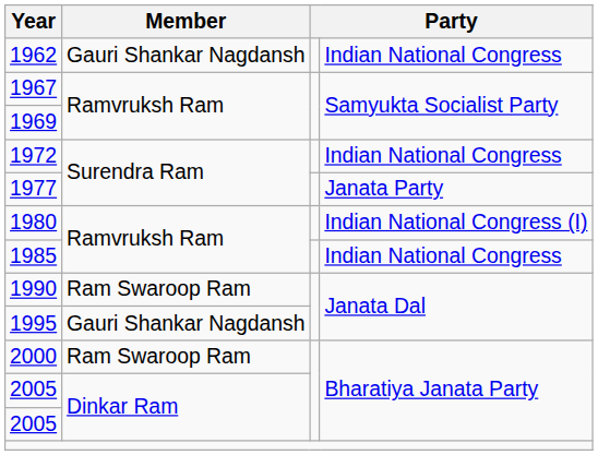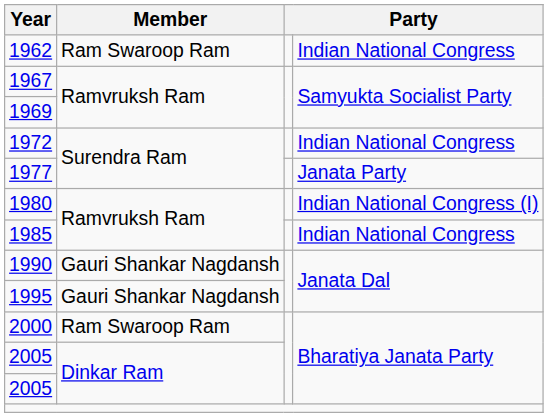 <table class="wikitable">
 <tr>
 <th>Year</th>
 <th>Member</th>
 <th colspan="2">Party</th>
 </tr>
 <tr>
 <td><a href='#'>1962</a></td>
-<td>Gauri Shankar Nagdansh</td>
+<td>Ram Swaroop Ram</td>
 <td style="background-color: "></td>
 <td><a href='#'>Indian National Congress</a></td>
 </tr>
 <tr>
 <td><a href='#'>1967</a></td>
 <td rowspan="2">Ramvruksh Ram</td>
 <td rowspan="2" style="background-color: "></td>
 <td rowspan="2"><a href='#'>Samyukta Socialist Party</a></td>
 </tr>
 <tr>
 <td><a href='#'>1969</a></td>
 </tr>
 <tr>
 <td><a href='#'>1972</a></td>
 <td rowspan="2">Surendra Ram</td>
 <td style="background-color: "></td>
 <td><a href='#'>Indian National Congress</a></td>
 </tr>
 <tr>
 <td><a href='#'>1977</a></td>
 <td style="background-color: "></td>
 <td><a href='#'>Janata Party</a></td>
 </tr>
 <tr>
 <td><a href='#'>1980</a></td>
 <td rowspan="2">Ramvruksh Ram</td>
 <td style="background-color: "></td>
 <td><a href='#'>Indian National Congress (I)</a></td>
 </tr>
 <tr>
 <td><a href='#'>1985</a></td>
 <td style="background-color: "></td>
 <td><a href='#'>Indian National Congress</a></td>
 </tr>
 <tr>
 <td><a href='#'>1990</a></td>
-<td>Ram Swaroop Ram</td>
+<td>Gauri Shankar Nagdansh</td>
 <td rowspan="2" style="background-color: "></td>
 <td rowspan="2"><a href='#'>Janata Dal</a></td>
 </tr>
 <tr>
 <td><a href='#'>1995</a></td>
 <td>Gauri Shankar Nagdansh</td>
 </tr>
 <tr>
 <td><a href='#'>2000</a></td>
 <td>Ram Swaroop Ram</td>
 <td rowspan="3" style="background-color: "></td>
 <td rowspan="3"><a href='#'>Bharatiya Janata Party</a></td>
 </tr>
 <tr>
 <td><a href='#'>2005</a></td>
 <td rowspan="2"><a href='#'>Dinkar Ram</a></td>
 </tr>
 <tr>
 <td><a href='#'>2005</a></td>
 </tr>
 <tr>
 <td colspan="4"></td>
 </tr>
 </table>
